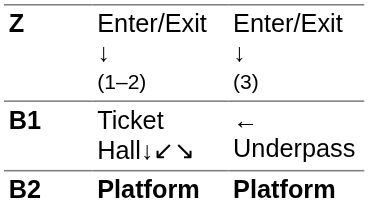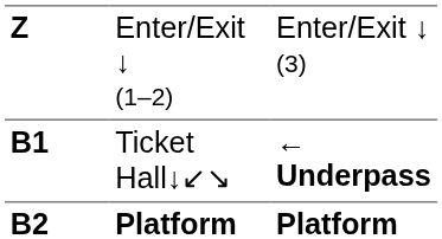 <table border="0" cellspacing="0" cellpadding="3">
 <tr>
 <td style="border-top:solid 1px gray;" width="50" valign="top"><strong>Z</strong></td>
 <td style="border-top:solid 1px gray;" width="80" valign="top">Enter/Exit ↓<br><small>(1–2)</small></td>
 <td style="border-top:solid 1px gray;" width="80" valign="top">Enter/Exit ↓<br><small>(3)</small></td>
 <td></td>
 </tr>
 <tr>
 <td style="border-top:solid 1px gray;" width="50" valign="top"><strong>B1</strong></td>
 <td style="border-top:solid 1px gray;" width="80" valign="top">Ticket Hall↓↙↘</td>
-<td style="border-top:solid 1px gray;" width="80" valign="top">← Underpass</td>
+<td style="border-top:solid 1px gray;" width="80" valign="top"><strong>← Underpass</strong></td>
 </tr>
 <tr>
 <td style="border-top:solid 1px gray;" width="50" valign="top"><strong>B2</strong></td>
 <td style="border-top:solid 1px gray;" width="80" valign="top"><strong>Platform</strong></td>
 <td style="border-top:solid 1px gray;" width="80" valign="top"><strong>Platform</strong></td>
 <td></td>
 </tr>
 </table>
